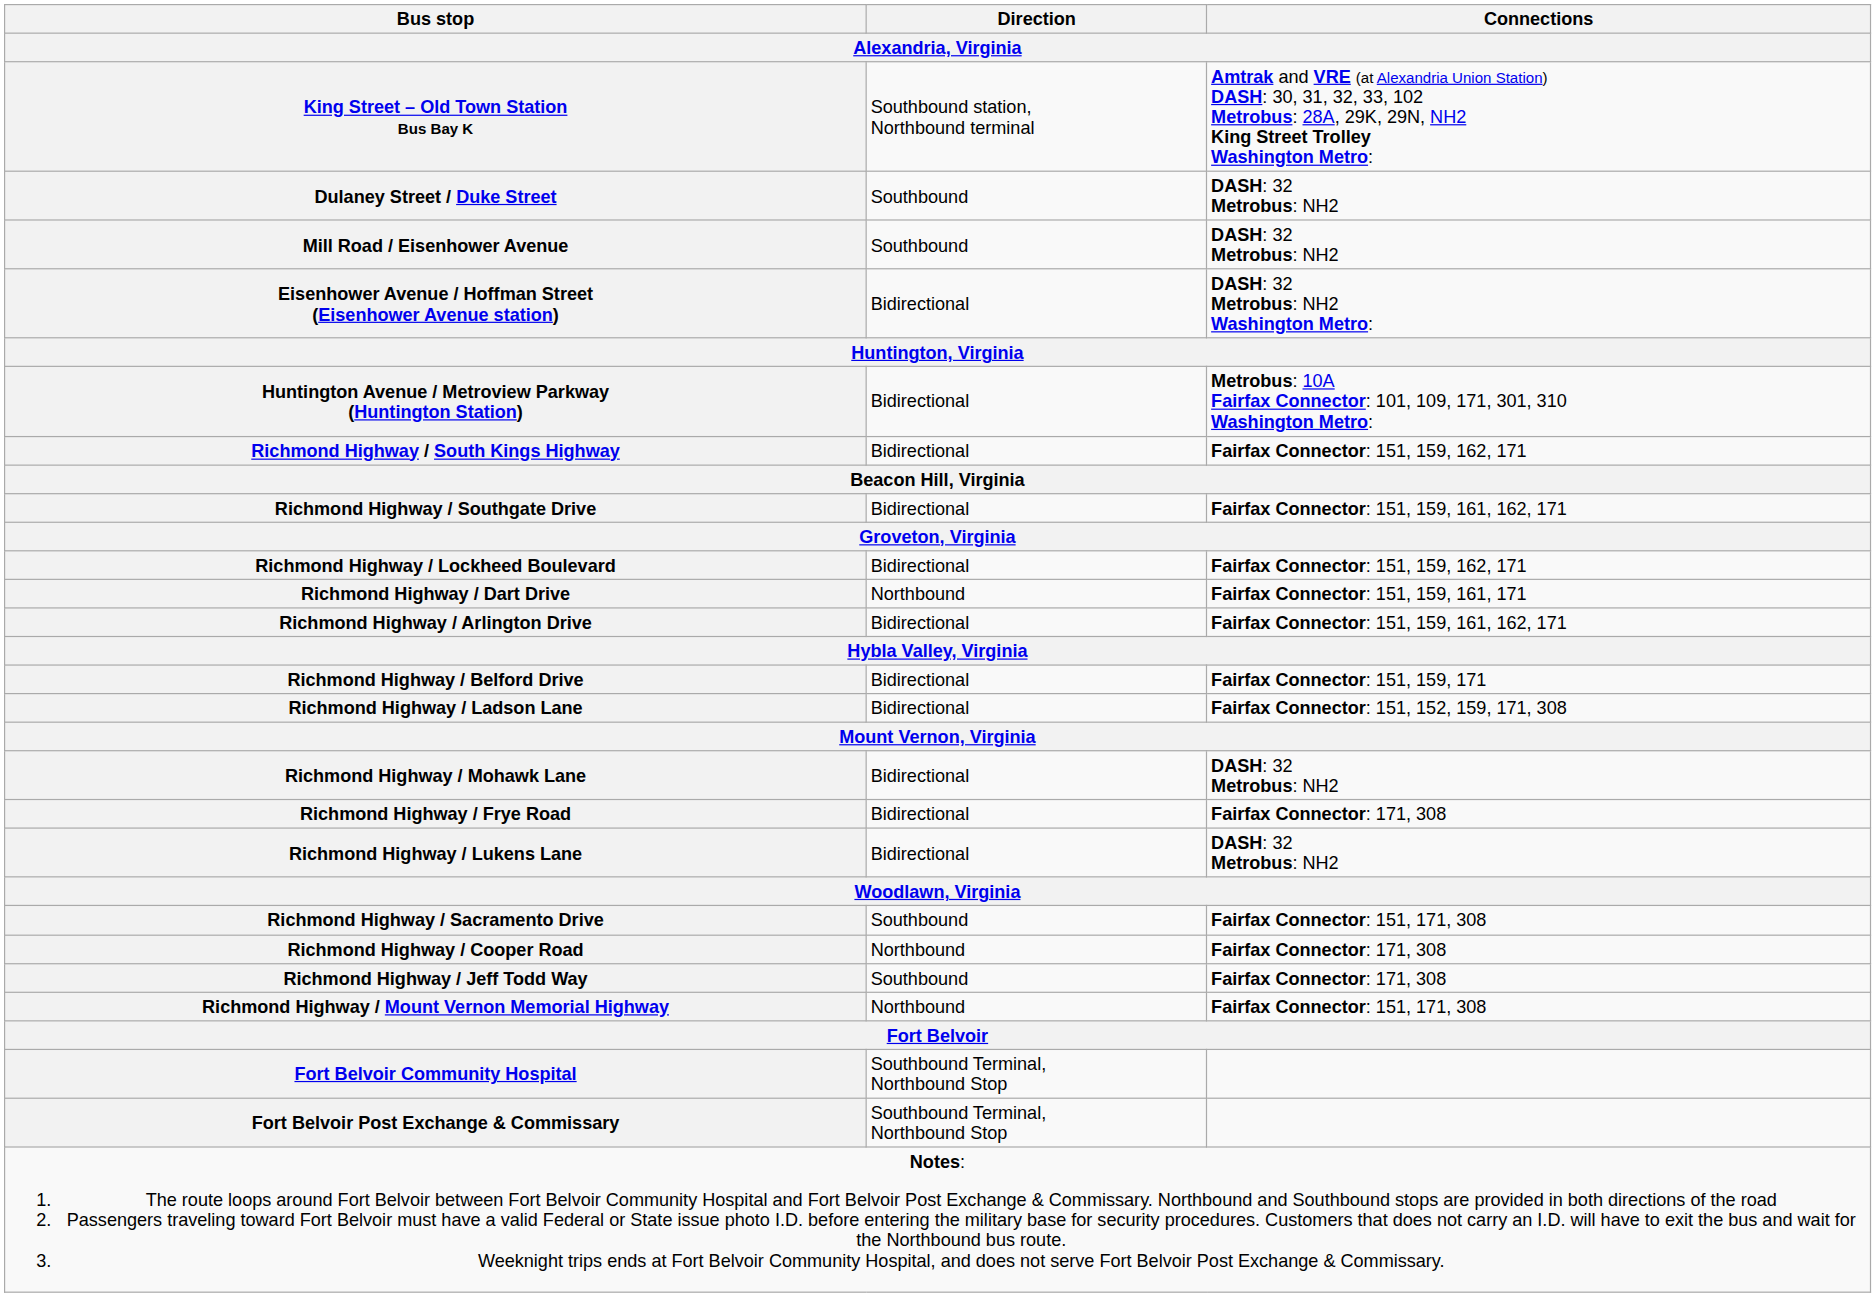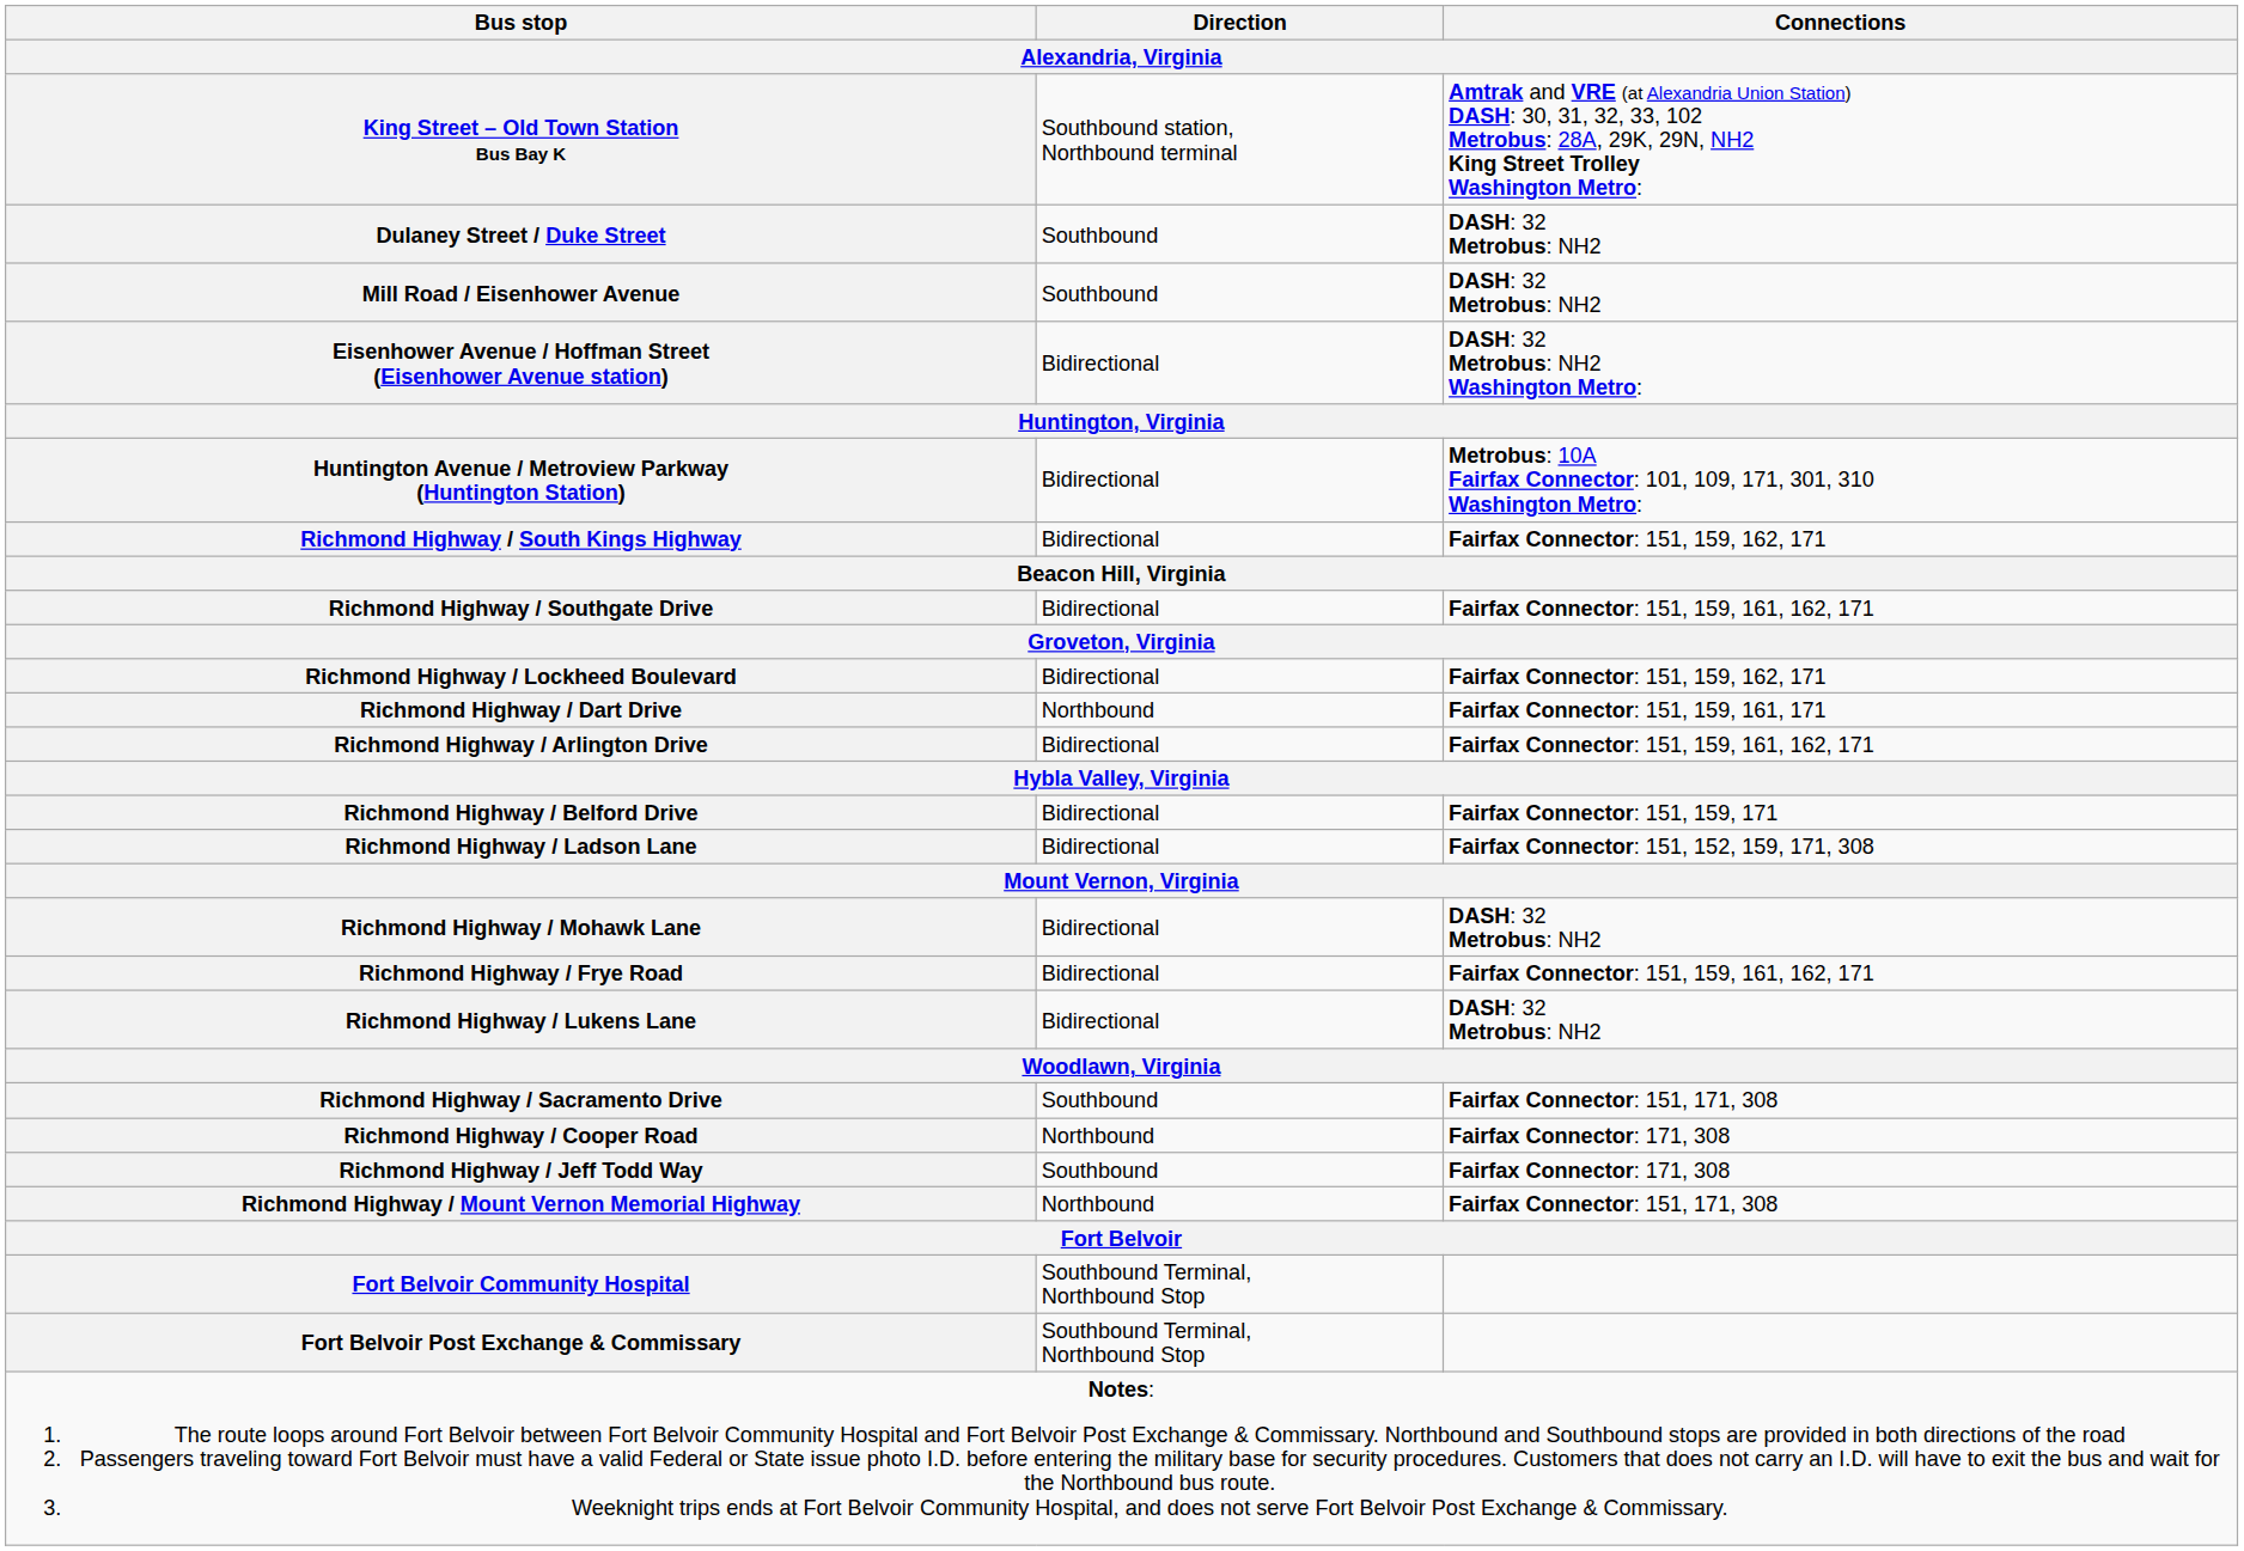 <table class="wikitable collapsible collapsed" style="font-size: 95%;">
 <tr>
 <th>Bus stop</th>
 <th>Direction</th>
 <th>Connections</th>
 </tr>
 <tr>
 <th colspan="3"><a href='#'>Alexandria, Virginia</a></th>
 </tr>
 <tr>
 <th><a href='#'>King Street – Old Town Station</a><br><small>Bus Bay K</small></th>
 <td>Southbound station,<br>Northbound terminal</td>
 <td> <strong><a href='#'>Amtrak</a></strong> and <strong><a href='#'>VRE</a></strong> <small>(at <a href='#'>Alexandria Union Station</a>)</small><br> <strong><a href='#'>DASH</a></strong>: 30, 31, 32, 33, 102<br> <strong><a href='#'>Metrobus</a></strong>: <a href='#'>28A</a>, 29K, 29N, <a href='#'>NH2</a><br> <strong>King Street Trolley</strong><br> <strong><a href='#'>Washington Metro</a></strong>:  </td>
 </tr>
 <tr>
 <th>Dulaney Street / <a href='#'>Duke Street</a></th>
 <td>Southbound</td>
 <td> <strong>DASH</strong>: 32<br> <strong>Metrobus</strong>: NH2</td>
 </tr>
 <tr>
 <th>Mill Road / Eisenhower Avenue</th>
 <td>Southbound</td>
 <td> <strong>DASH</strong>: 32<br> <strong>Metrobus</strong>: NH2</td>
 </tr>
 <tr>
 <th>Eisenhower Avenue / Hoffman Street<br>(<a href='#'>Eisenhower Avenue station</a>)</th>
 <td>Bidirectional</td>
 <td> <strong>DASH</strong>: 32<br> <strong>Metrobus</strong>: NH2<br> <strong><a href='#'>Washington Metro</a></strong>: </td>
 </tr>
 <tr>
 <th colspan="3"><a href='#'>Huntington, Virginia</a></th>
 </tr>
 <tr>
 <th>Huntington Avenue / Metroview Parkway<br>(<a href='#'>Huntington Station</a>)</th>
 <td>Bidirectional</td>
 <td> <strong>Metrobus</strong>: <a href='#'>10A</a><br>  <strong><a href='#'>Fairfax Connector</a></strong>: 101, 109, 171, 301, 310<br> <strong><a href='#'>Washington Metro</a></strong>: </td>
 </tr>
 <tr>
 <th><a href='#'>Richmond Highway</a> / <a href='#'>South Kings Highway</a></th>
 <td>Bidirectional</td>
 <td> <strong>Fairfax Connector</strong>: 151, 159, 162, 171</td>
 </tr>
 <tr>
 <th colspan="3">Beacon Hill, Virginia</th>
 </tr>
 <tr>
 <th>Richmond Highway / Southgate Drive</th>
 <td>Bidirectional</td>
 <td> <strong>Fairfax Connector</strong>: 151, 159, 161, 162, 171</td>
 </tr>
 <tr>
 <th colspan="3"><a href='#'>Groveton, Virginia</a></th>
 </tr>
 <tr>
 <th>Richmond Highway / Lockheed Boulevard</th>
 <td>Bidirectional</td>
 <td> <strong>Fairfax Connector</strong>: 151, 159, 162, 171</td>
 </tr>
 <tr>
 <th>Richmond Highway / Dart Drive</th>
 <td>Northbound</td>
 <td> <strong>Fairfax Connector</strong>: 151, 159, 161, 171</td>
 </tr>
 <tr>
 <th>Richmond Highway / Arlington Drive</th>
 <td>Bidirectional</td>
 <td> <strong>Fairfax Connector</strong>: 151, 159, 161, 162, 171</td>
 </tr>
 <tr>
 <th colspan="3"><a href='#'>Hybla Valley, Virginia</a></th>
 </tr>
 <tr>
 <th>Richmond Highway / Belford Drive</th>
 <td>Bidirectional</td>
 <td> <strong>Fairfax Connector</strong>: 151, 159, 171</td>
 </tr>
 <tr>
 <th>Richmond Highway / Ladson Lane</th>
 <td>Bidirectional</td>
 <td> <strong>Fairfax Connector</strong>: 151, 152, 159, 171, 308</td>
 </tr>
 <tr>
 <th colspan="3"><a href='#'>Mount Vernon, Virginia</a></th>
 </tr>
 <tr>
 <th>Richmond Highway / Mohawk Lane</th>
 <td>Bidirectional</td>
 <td> <strong>DASH</strong>: 32<br> <strong>Metrobus</strong>: NH2</td>
 </tr>
 <tr>
 <th>Richmond Highway / Frye Road</th>
 <td>Bidirectional</td>
-<td> <strong>Fairfax Connector</strong>: 171, 308</td>
+<td> <strong>Fairfax Connector</strong>: 151, 159, 161, 162, 171</td>
 </tr>
 <tr>
 <th>Richmond Highway / Lukens Lane</th>
 <td>Bidirectional</td>
 <td> <strong>DASH</strong>: 32<br> <strong>Metrobus</strong>: NH2</td>
 </tr>
 <tr>
 <th colspan="3"><a href='#'>Woodlawn, Virginia</a></th>
 </tr>
 <tr>
 <th>Richmond Highway / Sacramento Drive</th>
 <td>Southbound</td>
 <td> <strong>Fairfax Connector</strong>: 151, 171, 308</td>
 </tr>
 <tr>
 <th>Richmond Highway / Cooper Road</th>
 <td>Northbound</td>
 <td> <strong>Fairfax Connector</strong>: 171, 308</td>
 </tr>
 <tr>
 <th>Richmond Highway / Jeff Todd Way</th>
 <td>Southbound</td>
 <td> <strong>Fairfax Connector</strong>: 171, 308</td>
 </tr>
 <tr>
 <th>Richmond Highway / <a href='#'>Mount Vernon Memorial Highway</a></th>
 <td>Northbound</td>
 <td> <strong>Fairfax Connector</strong>: 151, 171, 308</td>
 </tr>
 <tr>
 <th colspan="3"><a href='#'>Fort Belvoir</a></th>
 </tr>
 <tr>
 <th><a href='#'>Fort Belvoir Community Hospital</a></th>
 <td>Southbound Terminal,<br> Northbound Stop</td>
 <td></td>
 </tr>
 <tr>
 <th>Fort Belvoir Post Exchange & Commissary</th>
 <td>Southbound Terminal,<br> Northbound Stop</td>
 <td></td>
 </tr>
 <tr>
 <td colspan="3" style="text-align:center;"><strong>Notes</strong>:<br><ol><li>The route loops around Fort Belvoir between Fort Belvoir Community Hospital and Fort Belvoir Post Exchange & Commissary. Northbound and Southbound stops are provided in both directions of the road</li><li>Passengers traveling toward Fort Belvoir must have a valid Federal or State issue photo I.D. before entering the military base for security procedures. Customers that does not carry an I.D. will have to exit the bus and wait for the Northbound bus route.</li><li>Weeknight trips ends at Fort Belvoir Community Hospital, and does not serve Fort Belvoir Post Exchange & Commissary.</li></ol></td>
 </tr>
 </table>
